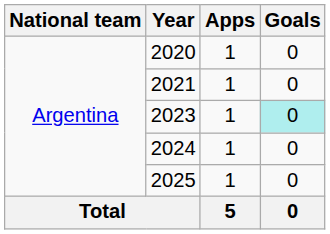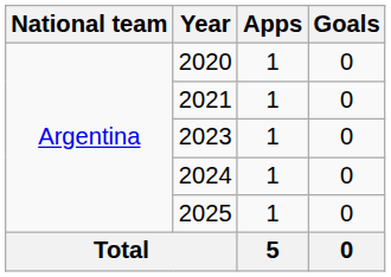 <table class="wikitable" style="text-align:center">
 <tr>
 <th>National team</th>
 <th>Year</th>
 <th>Apps</th>
 <th>Goals</th>
 </tr>
 <tr>
 <td rowspan="5"><a href='#'>Argentina</a></td>
 <td>2020</td>
 <td>1</td>
 <td>0</td>
 </tr>
 <tr>
 <td>2021</td>
 <td>1</td>
 <td>0</td>
 </tr>
 <tr>
 <td>2023</td>
 <td>1</td>
-<td style="background: paleturquoise;">0</td>
+<td>0</td>
 </tr>
 <tr>
 <td>2024</td>
 <td>1</td>
 <td>0</td>
 </tr>
 <tr>
 <td>2025</td>
 <td>1</td>
 <td>0</td>
 </tr>
 <tr>
 <th colspan="2">Total</th>
 <th>5</th>
 <th>0</th>
 </tr>
 </table>
